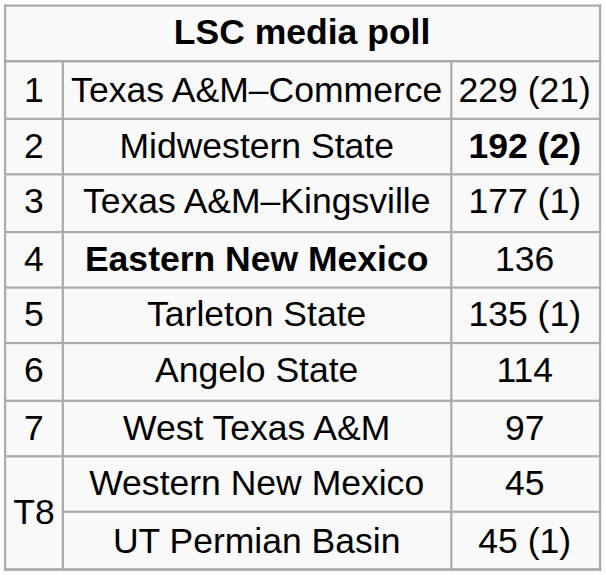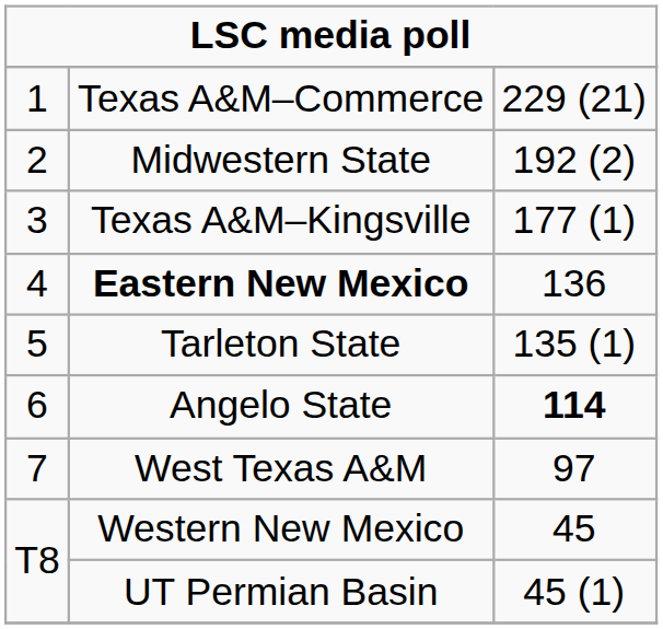 <table class="wikitable" style="display: inline-table;">
 <tr>
 <td align="center" Colspan="3"><strong>LSC media poll</strong></td>
 </tr>
 <tr align="center">
 </tr>
 <tr align="center">
 <td>1</td>
 <td>Texas A&M–Commerce</td>
 <td>229 (21)</td>
 </tr>
 <tr align="center">
 <td>2</td>
 <td>Midwestern State</td>
-<td><strong>192 (2)</strong></td>
+<td>192 (2)</td>
 </tr>
 <tr align="center">
 <td>3</td>
 <td>Texas A&M–Kingsville</td>
 <td>177 (1)</td>
 </tr>
 <tr align="center">
 <td>4</td>
 <td><strong>Eastern New Mexico</strong></td>
 <td>136</td>
 </tr>
 <tr align="center">
 <td>5</td>
 <td>Tarleton State</td>
 <td>135 (1)</td>
 </tr>
 <tr align="center">
 <td>6</td>
 <td>Angelo State</td>
-<td>114</td>
+<td><strong>114</strong></td>
 </tr>
 <tr align="center">
 <td>7</td>
 <td>West Texas A&M</td>
 <td>97</td>
 </tr>
 <tr align="center">
 <td rowspan=2>T8</td>
 <td>Western New Mexico</td>
 <td>45</td>
 </tr>
 <tr align="center">
 <td>UT Permian Basin</td>
 <td>45 (1)</td>
 </tr>
 <tr>
 </tr>
 </table>
